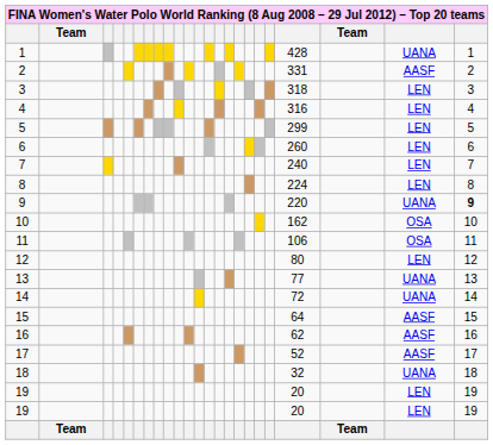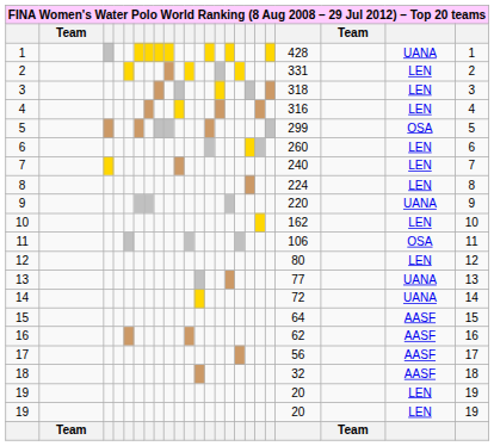 <table class="wikitable" style="text-align: center; font-size: 85%; margin-left: 1em;">
 <tr>
 <th colspan="23" style="background-color: #ffccff;">FINA Women's Water Polo World Ranking (8 Aug 2008 – 29 Jul 2012) – Top 20 teams</th>
 </tr>
 <tr>
 <th></th>
 <th>Team</th>
 <th><a href='#'></a></th>
 <th><a href='#'></a></th>
 <th><a href='#'></a></th>
 <th><a href='#'></a></th>
 <th><a href='#'></a></th>
 <th><a href='#'></a></th>
 <th><a href='#'></a></th>
 <th><a href='#'></a></th>
 <th><a href='#'></a></th>
 <th><a href='#'></a></th>
 <th><a href='#'></a></th>
 <th><a href='#'></a></th>
 <th><a href='#'></a></th>
 <th><a href='#'></a></th>
 <th><a href='#'></a></th>
 <th><a href='#'></a></th>
 <th><a href='#'></a></th>
 <th></th>
 <th>Team</th>
 <th></th>
 <th></th>
 </tr>
 <tr>
 <td>1</td>
 <td style="text-align: left;"></td>
 <td style="background-color: silver;"></td>
 <td></td>
 <td></td>
 <td style="background-color: gold;"></td>
 <td style="background-color: gold;"></td>
 <td style="background-color: gold;"></td>
 <td style="background-color: gold;"></td>
 <td></td>
 <td></td>
 <td></td>
 <td style="background-color: gold;"></td>
 <td></td>
 <td style="background-color: gold;"></td>
 <td></td>
 <td></td>
 <td></td>
 <td style="background-color: gold;"></td>
 <td>428</td>
 <td style="text-align: left;"></td>
 <td><a href='#'>UANA</a></td>
 <td>1</td>
 </tr>
 <tr>
 <td>2</td>
 <td style="text-align: left;"></td>
 <td></td>
 <td></td>
 <td style="background-color: gold;"></td>
 <td></td>
 <td></td>
 <td></td>
 <td style="background-color: #cc9966;"></td>
 <td></td>
 <td style="background-color: gold;"></td>
 <td></td>
 <td></td>
 <td style="background-color: silver;"></td>
 <td></td>
 <td style="background-color: gold;"></td>
 <td></td>
 <td></td>
 <td></td>
 <td>331</td>
 <td style="text-align: left;"></td>
-<td><a href='#'>AASF</a></td>
+<td><a href='#'>LEN</a></td>
 <td>2</td>
 </tr>
 <tr>
 <td>3</td>
 <td style="text-align: left;"></td>
 <td></td>
 <td></td>
 <td></td>
 <td></td>
 <td></td>
 <td style="background-color: #cc9966;"></td>
 <td></td>
 <td style="background-color: silver;"></td>
 <td></td>
 <td></td>
 <td></td>
 <td style="background-color: gold;"></td>
 <td></td>
 <td></td>
 <td style="background-color: silver;"></td>
 <td></td>
 <td style="background-color: #cc9966;"></td>
 <td>318</td>
 <td style="text-align: left;"></td>
 <td><a href='#'>LEN</a></td>
 <td>3</td>
 </tr>
 <tr>
 <td>4</td>
 <td style="text-align: left;"></td>
 <td></td>
 <td></td>
 <td></td>
 <td></td>
 <td style="background-color: #cc9966;"></td>
 <td></td>
 <td></td>
 <td style="background-color: gold;"></td>
 <td></td>
 <td></td>
 <td></td>
 <td style="background-color: #cc9966;"></td>
 <td></td>
 <td></td>
 <td></td>
 <td style="background-color: #cc9966;"></td>
 <td></td>
 <td>316</td>
 <td style="text-align: left;"></td>
 <td><a href='#'>LEN</a></td>
 <td>4</td>
 </tr>
 <tr>
 <td>5</td>
 <td style="text-align: left;"></td>
 <td style="background-color: #cc9966;"></td>
 <td></td>
 <td></td>
 <td style="background-color: #cc9966;"></td>
 <td></td>
 <td style="background-color: silver;"></td>
 <td style="background-color: silver;"></td>
 <td></td>
 <td></td>
 <td></td>
 <td style="background-color: #cc9966;"></td>
 <td></td>
 <td></td>
 <td></td>
 <td></td>
 <td></td>
 <td style="background-color: silver;"></td>
 <td>299</td>
 <td style="text-align: left;"></td>
-<td><a href='#'>LEN</a></td>
+<td><a href='#'>OSA</a></td>
 <td>5</td>
 </tr>
 <tr>
 <td>6</td>
 <td style="text-align: left;"></td>
 <td></td>
 <td></td>
 <td></td>
 <td></td>
 <td></td>
 <td></td>
 <td></td>
 <td></td>
 <td></td>
 <td></td>
 <td style="background-color: silver;"></td>
 <td></td>
 <td></td>
 <td></td>
 <td style="background-color: gold;"></td>
 <td style="background-color: silver;"></td>
 <td></td>
 <td>260</td>
 <td style="text-align: left;"></td>
 <td><a href='#'>LEN</a></td>
 <td>6</td>
 </tr>
 <tr>
 <td>7</td>
 <td style="text-align: left;"></td>
 <td style="background-color: gold;"></td>
 <td></td>
 <td></td>
 <td></td>
 <td></td>
 <td></td>
 <td></td>
 <td style="background-color: #cc9966;"></td>
 <td></td>
 <td></td>
 <td></td>
 <td></td>
 <td></td>
 <td></td>
 <td></td>
 <td></td>
 <td></td>
 <td>240</td>
 <td style="text-align: left;"></td>
 <td><a href='#'>LEN</a></td>
 <td>7</td>
 </tr>
 <tr>
 <td>8</td>
 <td style="text-align: left;"></td>
 <td></td>
 <td></td>
 <td></td>
 <td></td>
 <td></td>
 <td></td>
 <td></td>
 <td></td>
 <td></td>
 <td></td>
 <td></td>
 <td></td>
 <td></td>
 <td></td>
 <td style="background-color: #cc9966;"></td>
 <td></td>
 <td></td>
 <td>224</td>
 <td style="text-align: left;"></td>
 <td><a href='#'>LEN</a></td>
 <td>8</td>
 </tr>
 <tr>
 <td>9</td>
 <td style="text-align: left;"></td>
 <td></td>
 <td></td>
 <td></td>
 <td style="background-color: silver;"></td>
 <td style="background-color: silver;"></td>
 <td></td>
 <td></td>
 <td></td>
 <td></td>
 <td></td>
 <td></td>
 <td></td>
 <td style="background-color: silver;"></td>
 <td></td>
 <td></td>
 <td></td>
 <td></td>
 <td>220</td>
 <td style="text-align: left;"></td>
 <td><a href='#'>UANA</a></td>
-<td><strong>9</strong></td>
+<td>9</td>
 </tr>
 <tr>
 <td>10</td>
 <td style="text-align: left;"></td>
 <td></td>
 <td></td>
 <td></td>
 <td></td>
 <td></td>
 <td></td>
 <td></td>
 <td></td>
 <td></td>
 <td></td>
 <td></td>
 <td></td>
 <td></td>
 <td></td>
 <td></td>
 <td style="background-color: gold;"></td>
 <td></td>
 <td>162</td>
 <td style="text-align: left;"></td>
-<td><a href='#'>OSA</a></td>
+<td><a href='#'>LEN</a></td>
 <td>10</td>
 </tr>
 <tr>
 <td>11</td>
 <td style="text-align: left;"></td>
 <td></td>
 <td></td>
 <td style="background-color: silver;"></td>
 <td></td>
 <td></td>
 <td></td>
 <td></td>
 <td></td>
 <td style="background-color: silver;"></td>
 <td></td>
 <td></td>
 <td></td>
 <td></td>
 <td style="background-color: silver;"></td>
 <td></td>
 <td></td>
 <td></td>
 <td>106</td>
 <td style="text-align: left;"></td>
 <td><a href='#'>OSA</a></td>
 <td>11</td>
 </tr>
 <tr>
 <td>12</td>
 <td style="text-align: left;"></td>
 <td></td>
 <td></td>
 <td></td>
 <td></td>
 <td></td>
 <td></td>
 <td></td>
 <td></td>
 <td></td>
 <td></td>
 <td></td>
 <td></td>
 <td></td>
 <td></td>
 <td></td>
 <td></td>
 <td></td>
 <td>80</td>
 <td style="text-align: left;"></td>
 <td><a href='#'>LEN</a></td>
 <td>12</td>
 </tr>
 <tr>
 <td>13</td>
 <td style="text-align: left;"></td>
 <td></td>
 <td></td>
 <td></td>
 <td></td>
 <td></td>
 <td></td>
 <td></td>
 <td></td>
 <td></td>
 <td style="background-color: silver;"></td>
 <td></td>
 <td></td>
 <td style="background-color: #cc9966;"></td>
 <td></td>
 <td></td>
 <td></td>
 <td></td>
 <td>77</td>
 <td style="text-align: left;"></td>
 <td><a href='#'>UANA</a></td>
 <td>13</td>
 </tr>
 <tr>
 <td>14</td>
 <td style="text-align: left;"></td>
 <td></td>
 <td></td>
 <td></td>
 <td></td>
 <td></td>
 <td></td>
 <td></td>
 <td></td>
 <td></td>
 <td style="background-color: gold;"></td>
 <td></td>
 <td></td>
 <td></td>
 <td></td>
 <td></td>
 <td></td>
 <td></td>
 <td>72</td>
 <td style="text-align: left;"></td>
 <td><a href='#'>UANA</a></td>
 <td>14</td>
 </tr>
 <tr>
 <td>15</td>
 <td style="text-align: left;"></td>
 <td></td>
 <td></td>
 <td></td>
 <td></td>
 <td></td>
 <td></td>
 <td></td>
 <td></td>
 <td></td>
 <td></td>
 <td></td>
 <td></td>
 <td></td>
 <td></td>
 <td></td>
 <td></td>
 <td></td>
 <td>64</td>
 <td style="text-align: left;"></td>
 <td><a href='#'>AASF</a></td>
 <td>15</td>
 </tr>
 <tr>
 <td>16</td>
 <td style="text-align: left;"></td>
 <td></td>
 <td></td>
 <td style="background-color: #cc9966;"></td>
 <td></td>
 <td></td>
 <td></td>
 <td></td>
 <td></td>
 <td style="background-color: #cc9966;"></td>
 <td></td>
 <td></td>
 <td></td>
 <td></td>
 <td></td>
 <td></td>
 <td></td>
 <td></td>
 <td>62</td>
 <td style="text-align: left;"></td>
 <td><a href='#'>AASF</a></td>
 <td>16</td>
 </tr>
 <tr>
 <td>17</td>
 <td style="text-align: left;"></td>
 <td></td>
 <td></td>
 <td></td>
 <td></td>
 <td></td>
 <td></td>
 <td></td>
 <td></td>
 <td></td>
 <td></td>
 <td></td>
 <td></td>
 <td></td>
 <td style="background-color: #cc9966;"></td>
 <td></td>
 <td></td>
 <td></td>
-<td>52</td>
+<td>56</td>
 <td style="text-align: left;"></td>
 <td><a href='#'>AASF</a></td>
 <td>17</td>
 </tr>
 <tr>
 <td>18</td>
 <td style="text-align: left;"></td>
 <td></td>
 <td></td>
 <td></td>
 <td></td>
 <td></td>
 <td></td>
 <td></td>
 <td></td>
 <td></td>
 <td style="background-color: #cc9966;"></td>
 <td></td>
 <td></td>
 <td></td>
 <td></td>
 <td></td>
 <td></td>
 <td></td>
 <td>32</td>
 <td style="text-align: left;"></td>
-<td><a href='#'>UANA</a></td>
+<td><a href='#'>AASF</a></td>
 <td>18</td>
 </tr>
 <tr>
 <td>19</td>
 <td style="text-align: left;"></td>
 <td></td>
 <td></td>
 <td></td>
 <td></td>
 <td></td>
 <td></td>
 <td></td>
 <td></td>
 <td></td>
 <td></td>
 <td></td>
 <td></td>
 <td></td>
 <td></td>
 <td></td>
 <td></td>
 <td></td>
 <td>20</td>
 <td style="text-align: left;"></td>
 <td><a href='#'>LEN</a></td>
 <td>19</td>
 </tr>
 <tr>
 <td>19</td>
 <td style="text-align: left;"></td>
 <td></td>
 <td></td>
 <td></td>
 <td></td>
 <td></td>
 <td></td>
 <td></td>
 <td></td>
 <td></td>
 <td></td>
 <td></td>
 <td></td>
 <td></td>
 <td></td>
 <td></td>
 <td></td>
 <td></td>
 <td>20</td>
 <td style="text-align: left;"></td>
 <td><a href='#'>LEN</a></td>
 <td>19</td>
 </tr>
 <tr>
 <th></th>
 <th>Team</th>
 <th><a href='#'></a></th>
 <th><a href='#'></a></th>
 <th><a href='#'></a></th>
 <th><a href='#'></a></th>
 <th><a href='#'></a></th>
 <th><a href='#'></a></th>
 <th><a href='#'></a></th>
 <th><a href='#'></a></th>
 <th><a href='#'></a></th>
 <th><a href='#'></a></th>
 <th><a href='#'></a></th>
 <th><a href='#'></a></th>
 <th><a href='#'></a></th>
 <th><a href='#'></a></th>
 <th><a href='#'></a></th>
 <th><a href='#'></a></th>
 <th><a href='#'></a></th>
 <th></th>
 <th>Team</th>
 <th></th>
 <th></th>
 </tr>
 </table>
